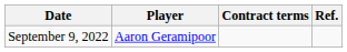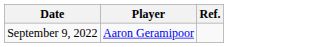 <table class="wikitable">
 <tr>
 <th>Date</th>
 <th>Player</th>
-<th>Contract terms</th>
 <th>Ref.</th>
 </tr>
 <tr>
 <td>September 9, 2022</td>
 <td><a href='#'>Aaron Geramipoor</a></td>
 <td></td>
-<td></td>
 </tr>
 </table>
